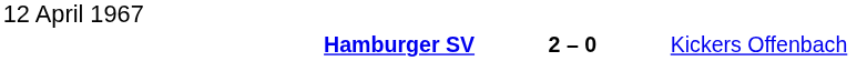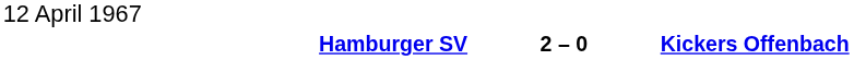 <table width=100% cellspacing=1>
 <tr>
 <th width=25%></th>
 <th width=10%></th>
 <th width=25%></th>
 <th></th>
 </tr>
 <tr>
 <td>12 April 1967</td>
 </tr>
 <tr style=font-size:90%>
 <td align=right><strong><a href='#'>Hamburger SV</a></strong></td>
 <td align=center><strong>2 – 0</strong></td>
-<td><a href='#'>Kickers Offenbach</a></td>
+<td><strong><a href='#'>Kickers Offenbach</a></strong></td>
 </tr>
 </table>
